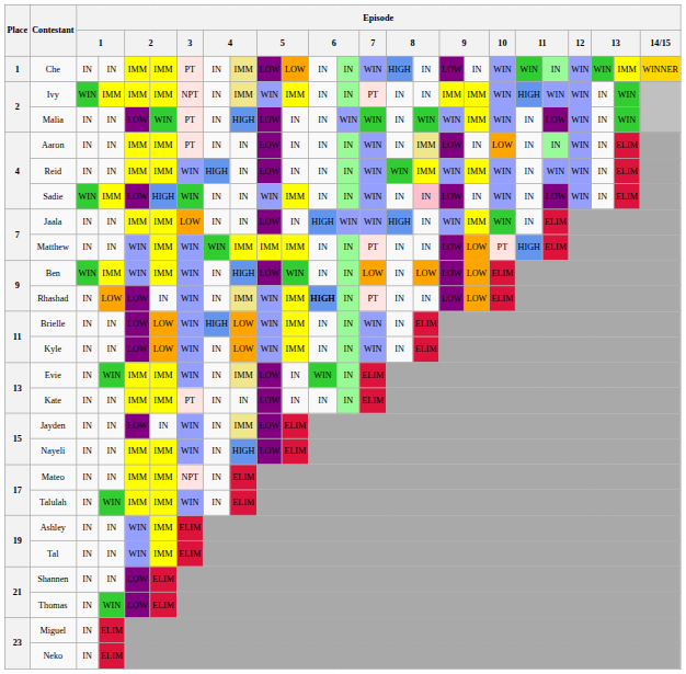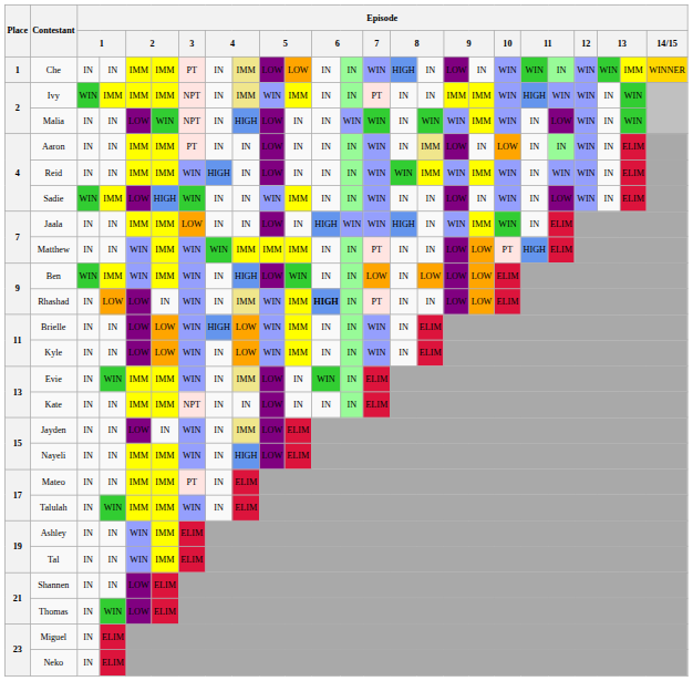 <table class="wikitable" style="text-align: center; font-size: 8pt; line-height:25px;">
 <tr>
 <th rowspan="2">Place</th>
 <th rowspan="2">Contestant</th>
 <th colspan="23">Episode</th>
 </tr>
 <tr>
 <th colspan="2">1</th>
 <th colspan="2">2</th>
 <th colspan="1">3</th>
 <th colspan="2">4</th>
 <th colspan="2">5</th>
 <th colspan="2">6</th>
 <th colspan="1">7</th>
 <th colspan="2">8</th>
 <th colspan="2">9</th>
 <th>10</th>
 <th colspan="2">11</th>
 <th>12</th>
 <th colspan="2">13</th>
 <th>14/15</th>
 </tr>
 <tr>
 <th>1</th>
 <td>Che</td>
 <td>IN</td>
 <td>IN</td>
 <td style="background:yellow;">IMM</td>
 <td style="background:yellow;">IMM</td>
 <td style="background:mistyrose;">PT</td>
 <td>IN</td>
 <td style="background:khaki;">IMM</td>
 <td style="background:purple;">LOW</td>
 <td style="background:orange;">LOW</td>
 <td>IN</td>
 <td style="background:palegreen;">IN</td>
 <td style="background:#959FFD;">WIN</td>
 <td style="background:cornflowerblue;">HIGH</td>
 <td>IN</td>
 <td style="background:purple;">LOW</td>
 <td>IN</td>
 <td style="background:#959FFD;">WIN</td>
 <td style="background:limegreen;">WIN</td>
 <td style="background:palegreen;">IN</td>
 <td style="background:#959FFD;">WIN</td>
 <td style="background:limegreen;">WIN</td>
 <td style="background:yellow;">IMM</td>
 <td style="background:gold;">WINNER</td>
 </tr>
 <tr>
 <th rowspan="2">2</th>
 <td>Ivy</td>
 <td style="background:limegreen;">WIN</td>
 <td style="background:yellow;">IMM</td>
 <td style="background:yellow;">IMM</td>
 <td style="background:yellow;">IMM</td>
 <td style="background:mistyrose;">NPT</td>
 <td>IN</td>
 <td style="background:khaki;">IMM</td>
 <td style="background:#959FFD;">WIN</td>
 <td style="background:yellow;">IMM</td>
 <td>IN</td>
 <td style="background:palegreen;">IN</td>
 <td style="background:mistyrose;">PT</td>
 <td>IN</td>
 <td>IN</td>
 <td style="background:yellow;">IMM</td>
 <td style="background:yellow;">IMM</td>
 <td style="background:#959FFD;">WIN</td>
 <td style="background:cornflowerblue;">HIGH</td>
 <td style="background:#959FFD;">WIN</td>
 <td style="background:#959FFD;">WIN</td>
 <td>IN</td>
 <td style="background:limegreen;">WIN</td>
 <td style="background:silver;" rowspan="2"></td>
 </tr>
 <tr>
 <td>Malia</td>
 <td>IN</td>
 <td>IN</td>
 <td style="background:purple;:">LOW</td>
 <td style="background:limegreen;">WIN</td>
-<td style="background:mistyrose;">PT</td>
+<td style="background:mistyrose;">NPT</td>
 <td>IN</td>
 <td style="background:cornflowerblue;">HIGH</td>
 <td style="background:purple;">LOW</td>
 <td>IN</td>
 <td>IN</td>
 <td style="background:#959FFD;">WIN</td>
 <td style="background:limegreen;">WIN</td>
 <td>IN</td>
 <td style="background:limegreen;">WIN</td>
 <td style="background:#959FFD;">WIN</td>
 <td style="background:yellow;">IMM</td>
 <td style="background:#959FFD;">WIN</td>
 <td>IN</td>
 <td style="background:purple;">LOW</td>
 <td style="background:#959FFD;">WIN</td>
 <td>IN</td>
 <td style="background:limegreen;">WIN</td>
 </tr>
 <tr>
 <th rowspan="3">4</th>
 <td>Aaron</td>
 <td>IN</td>
 <td>IN</td>
 <td style="background:yellow;">IMM</td>
 <td style="background:yellow;">IMM</td>
 <td style="background:mistyrose;">PT</td>
 <td>IN</td>
 <td>IN</td>
 <td style="background:purple;">LOW</td>
 <td>IN</td>
 <td>IN</td>
 <td style="background:palegreen;">IN</td>
 <td style="background:#959FFD;">WIN</td>
 <td>IN</td>
 <td style="background:khaki;">IMM</td>
 <td style="background:purple;">LOW</td>
 <td>IN</td>
 <td style="background:orange;:">LOW</td>
 <td>IN</td>
 <td style="background:palegreen;">IN</td>
 <td style="background:#959FFD;">WIN</td>
 <td>IN</td>
 <td style="background:crimson;:">ELIM</td>
 <td style="background:darkgrey;"></td>
 </tr>
 <tr>
 <td>Reid</td>
 <td>IN</td>
 <td>IN</td>
 <td style="background:yellow;">IMM</td>
 <td style="background:yellow;">IMM</td>
 <td style="background:#959FFD;">WIN</td>
 <td style="background:cornflowerblue;">HIGH</td>
 <td>IN</td>
 <td style="background:purple;">LOW</td>
 <td>IN</td>
 <td>IN</td>
 <td style="background:palegreen;">IN</td>
 <td style="background:#959FFD;">WIN</td>
 <td style="background:limegreen;">WIN</td>
 <td style="background:yellow;">IMM</td>
 <td style="background:#959FFD;">WIN</td>
 <td style="background:yellow;">IMM</td>
 <td style="background:#959FFD;">WIN</td>
 <td>IN</td>
 <td style="background:#959FFD;">WIN</td>
 <td style="background:#959FFD;">WIN</td>
 <td>IN</td>
 <td style="background:crimson;:">ELIM</td>
 <td style="background:darkgrey;"></td>
 </tr>
 <tr>
 <td>Sadie</td>
 <td style="background:limegreen;">WIN</td>
 <td style="background:yellow;">IMM</td>
 <td style="background:purple;:">LOW</td>
 <td style="background:cornflowerblue;">HIGH</td>
 <td style="background:limegreen;">WIN</td>
 <td>IN</td>
 <td>IN</td>
 <td style="background:#959FFD;">WIN</td>
 <td style="background:yellow;">IMM</td>
 <td>IN</td>
 <td style="background:palegreen;">IN</td>
 <td style="background:#959FFD;">WIN</td>
 <td>IN</td>
-<td style="background: pink;">IN</td>
+<td>IN</td>
 <td style="background:purple;">LOW</td>
 <td>IN</td>
 <td style="background:#959FFD;">WIN</td>
 <td>IN</td>
 <td style="background:purple;">LOW</td>
 <td style="background:#959FFD;">WIN</td>
 <td>IN</td>
 <td style="background:crimson;:">ELIM</td>
 <td style="background:darkgrey;"></td>
 </tr>
 <tr>
 <th rowspan="2">7</th>
 <td>Jaala</td>
 <td>IN</td>
 <td>IN</td>
 <td style="background:yellow;">IMM</td>
 <td style="background:yellow;">IMM</td>
 <td style="background:orange;">LOW</td>
 <td>IN</td>
 <td>IN</td>
 <td style="background:purple;">LOW</td>
 <td>IN</td>
 <td style="background:cornflowerblue;">HIGH</td>
 <td style="background:#959FFD;">WIN</td>
 <td style="background:#959FFD;">WIN</td>
 <td style="background:cornflowerblue;">HIGH</td>
 <td>IN</td>
 <td style="background:#959FFD;">WIN</td>
 <td style="background:yellow;">IMM</td>
 <td style="background:limegreen;">WIN</td>
 <td>IN</td>
 <td style="background:crimson;:">ELIM</td>
 <td colspan="4" style="background:darkgrey;"></td>
 </tr>
 <tr>
 <td>Matthew</td>
 <td>IN</td>
 <td>IN</td>
 <td style="background:#959FFD;">WIN</td>
 <td style="background:yellow;">IMM</td>
 <td style="background:#959FFD;">WIN</td>
 <td style="background:limegreen;">WIN</td>
 <td style="background:yellow;">IMM</td>
 <td style="background:yellow;">IMM</td>
 <td style="background:yellow;">IMM</td>
 <td>IN</td>
 <td style="background:palegreen;">IN</td>
 <td style="background:mistyrose;">PT</td>
 <td>IN</td>
 <td>IN</td>
 <td style="background:purple;">LOW</td>
 <td style="background:orange;:">LOW</td>
 <td style="background:mistyrose;">PT</td>
 <td style="background:cornflowerblue;">HIGH</td>
 <td style="background:crimson;:">ELIM</td>
 <td colspan="4" style="background:darkgrey;"></td>
 </tr>
 <tr>
 <th rowspan="2">9</th>
 <td>Ben</td>
 <td style="background:limegreen;">WIN</td>
 <td style="background:yellow;">IMM</td>
 <td style="background:#959FFD;">WIN</td>
 <td style="background:yellow;">IMM</td>
 <td style="background:#959FFD;">WIN</td>
 <td>IN</td>
 <td style="background:cornflowerblue;">HIGH</td>
 <td style="background:purple;">LOW</td>
 <td style="background:limegreen;">WIN</td>
 <td>IN</td>
 <td style="background:palegreen;">IN</td>
 <td style="background:orange;:">LOW</td>
 <td>IN</td>
 <td style="background:orange;:">LOW</td>
 <td style="background:purple;">LOW</td>
 <td style="background:orange;:">LOW</td>
 <td style="background:crimson;:">ELIM</td>
 <td colspan="6" style="background:darkgrey;"></td>
 </tr>
 <tr>
 <td>Rhashad</td>
 <td>IN</td>
 <td style="background:orange;:">LOW</td>
 <td style="background:purple;:">LOW</td>
 <td>IN</td>
 <td style="background:#959FFD;">WIN</td>
 <td>IN</td>
 <td style="background:khaki;">IMM</td>
 <td style="background:#959FFD;">WIN</td>
 <td style="background:yellow;">IMM</td>
 <td style="background:cornflowerblue;"><strong>HIGH</strong></td>
 <td style="background:palegreen;">IN</td>
 <td style="background:mistyrose;">PT</td>
 <td>IN</td>
 <td>IN</td>
 <td style="background:purple;">LOW</td>
 <td style="background:orange;:">LOW</td>
 <td style="background:crimson;:">ELIM</td>
 <td colspan="6" style="background:darkgrey;"></td>
 </tr>
 <tr>
 <th rowspan="2">11</th>
 <td>Brielle</td>
 <td>IN</td>
 <td>IN</td>
 <td style="background:purple;:">LOW</td>
 <td style="background:orange;:">LOW</td>
 <td style="background:#959FFD;">WIN</td>
 <td style="background:cornflowerblue;">HIGH</td>
 <td style="background:orange;">LOW</td>
 <td style="background:#959FFD;">WIN</td>
 <td style="background:yellow;">IMM</td>
 <td>IN</td>
 <td style="background:palegreen;">IN</td>
 <td style="background:#959FFD;">WIN</td>
 <td>IN</td>
 <td style="background:crimson;:">ELIM</td>
 <td colspan="9" style="background:darkgrey;"></td>
 </tr>
 <tr>
 <td>Kyle</td>
 <td>IN</td>
 <td>IN</td>
 <td style="background:purple;:">LOW</td>
 <td style="background:orange;:">LOW</td>
 <td style="background:#959FFD;">WIN</td>
 <td>IN</td>
 <td style="background:orange;">LOW</td>
 <td style="background:#959FFD;">WIN</td>
 <td style="background:yellow;">IMM</td>
 <td>IN</td>
 <td style="background:palegreen;">IN</td>
 <td style="background:#959FFD;">WIN</td>
 <td>IN</td>
 <td style="background:crimson;:">ELIM</td>
 <td colspan="9" style="background:darkgrey;"></td>
 </tr>
 <tr>
 <th rowspan="2">13</th>
 <td>Evie</td>
 <td>IN</td>
 <td style="background:limegreen;">WIN</td>
 <td style="background:yellow;">IMM</td>
 <td style="background:yellow;">IMM</td>
 <td style="background:#959FFD;">WIN</td>
 <td>IN</td>
 <td style="background:khaki;">IMM</td>
 <td style="background:purple;">LOW</td>
 <td>IN</td>
 <td style="background:limegreen;">WIN</td>
 <td style="background:palegreen;">IN</td>
 <td style="background:crimson;:">ELIM</td>
 <td colspan="11" style="background:darkgrey;"></td>
 </tr>
 <tr>
 <td>Kate</td>
 <td>IN</td>
 <td>IN</td>
 <td style="background:yellow;">IMM</td>
 <td style="background:yellow;">IMM</td>
-<td style="background:mistyrose;">PT</td>
+<td style="background:mistyrose;">NPT</td>
 <td>IN</td>
 <td>IN</td>
 <td style="background:purple;">LOW</td>
 <td>IN</td>
 <td>IN</td>
 <td style="background:palegreen;">IN</td>
 <td style="background:crimson;:">ELIM</td>
 <td colspan="11" style="background:darkgrey;"></td>
 </tr>
 <tr>
 <th rowspan="2">15</th>
 <td>Jayden</td>
 <td>IN</td>
 <td>IN</td>
 <td style="background:purple;">LOW</td>
 <td>IN</td>
 <td style="background:#959FFD;">WIN</td>
 <td>IN</td>
 <td style="background:khaki;">IMM</td>
 <td style="background:purple;">LOW</td>
 <td style="background:crimson;:">ELIM</td>
 <td colspan="14" style="background:darkgrey;"></td>
 </tr>
 <tr>
 <td>Nayeli</td>
 <td>IN</td>
 <td>IN</td>
 <td style="background:yellow;">IMM</td>
 <td style="background:yellow;">IMM</td>
 <td style="background:#959FFD;">WIN</td>
 <td>IN</td>
 <td style="background:cornflowerblue;">HIGH</td>
 <td style="background:purple;">LOW</td>
 <td style="background:crimson;:">ELIM</td>
 <td colspan="14" style="background:darkgrey;"></td>
 </tr>
 <tr>
 <th rowspan="2">17</th>
 <td>Mateo</td>
 <td>IN</td>
 <td>IN</td>
 <td style="background:yellow;">IMM</td>
 <td style="background:yellow;">IMM</td>
-<td style="background:mistyrose;">NPT</td>
+<td style="background:mistyrose;">PT</td>
 <td>IN</td>
 <td style="background:crimson;:">ELIM</td>
 <td colspan="16" style="background:darkgrey;"></td>
 </tr>
 <tr>
 <td>Talulah</td>
 <td>IN</td>
 <td style="background:limegreen;">WIN</td>
 <td style="background:yellow;">IMM</td>
 <td style="background:yellow;">IMM</td>
 <td style="background:#959FFD;">WIN</td>
 <td>IN</td>
 <td style="background:crimson;:">ELIM</td>
 <td colspan="16" style="background:darkgrey;"></td>
 </tr>
 <tr>
 <th rowspan="2">19</th>
 <td>Ashley</td>
 <td>IN</td>
 <td>IN</td>
 <td style="background:#959FFD;">WIN</td>
 <td style="background:yellow;">IMM</td>
 <td style="background:crimson;:">ELIM</td>
 <td colspan="18" style="background:darkgrey;"></td>
 </tr>
 <tr>
 <td>Tal</td>
 <td>IN</td>
 <td>IN</td>
 <td style="background:#959FFD;">WIN</td>
 <td style="background:yellow;">IMM</td>
 <td style="background:crimson;:">ELIM</td>
 <td colspan="18" style="background:darkgrey;"></td>
 </tr>
 <tr>
 <th rowspan="2">21</th>
 <td>Shannen</td>
 <td>IN</td>
 <td>IN</td>
 <td style="background:purple;: ">LOW</td>
 <td style="background:crimson;: ">ELIM</td>
 <td colspan="19" style="background:darkgrey;"></td>
 </tr>
 <tr>
 <td>Thomas</td>
 <td>IN</td>
 <td style="background:limegreen;">WIN</td>
 <td style="background:purple;: ">LOW</td>
 <td style="background:crimson;: ">ELIM</td>
 <td colspan="19" style="background:darkgrey;"></td>
 </tr>
 <tr>
 <th rowspan="2">23</th>
 <td>Miguel</td>
 <td>IN</td>
 <td style="background:crimson;: ">ELIM</td>
 <td colspan="21" style="background:darkgrey;"></td>
 </tr>
 <tr>
 <td>Neko</td>
 <td>IN</td>
 <td style="background:crimson;: ">ELIM</td>
 <td colspan="21" style="background:darkgrey;"></td>
 </tr>
 </table>
